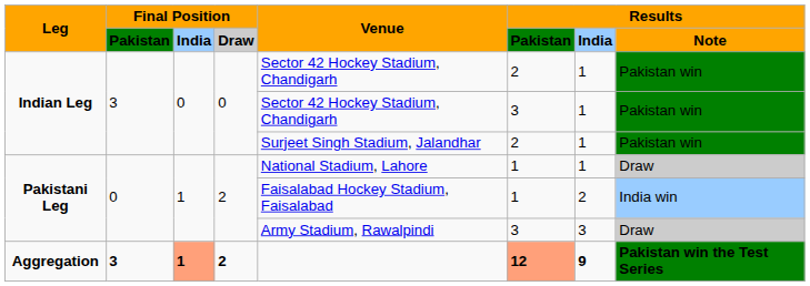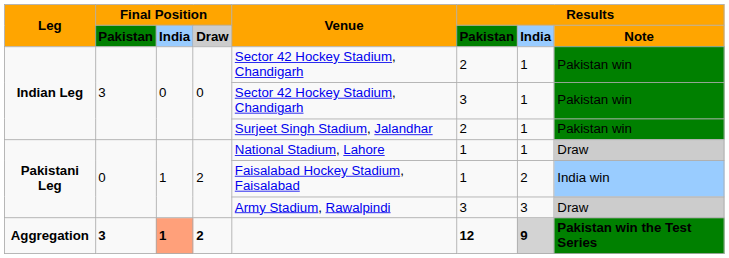 <table class="wikitable">
 <tr>
 <th style="background:orange;" rowspan=2>Leg</th>
 <th style="background:orange;" colspan=3>Final Position</th>
 <th style="background:orange;" rowspan=2>Venue</th>
 <th style="background:orange;" colspan=3>Results</th>
 </tr>
 <tr>
 <th style="background:green;"> Pakistan</th>
 <th style="background:#9cf;"> India</th>
 <th style="background:#ccc;">Draw</th>
 <th style="background:green;"> Pakistan</th>
 <th style="background:#9cf;"> India</th>
 <th style="background:orange;">Note</th>
 </tr>
 <tr>
 <td style=text-align:center; rowspan=3><strong>Indian Leg</strong></td>
 <td rowspan=3>3</td>
 <td rowspan=3>0</td>
 <td rowspan=3>0</td>
 <td> <a href='#'>Sector 42 Hockey Stadium</a>, <a href='#'>Chandigarh</a></td>
 <td>2</td>
 <td>1</td>
 <td style="background:green;"> Pakistan win</td>
 </tr>
 <tr>
 <td> <a href='#'>Sector 42 Hockey Stadium</a>, <a href='#'>Chandigarh</a></td>
 <td>3</td>
 <td>1</td>
 <td style="background:green;"> Pakistan win</td>
 </tr>
 <tr>
 <td> <a href='#'>Surjeet Singh Stadium</a>, <a href='#'>Jalandhar</a></td>
 <td>2</td>
 <td>1</td>
 <td style="background:green;"> Pakistan win</td>
 </tr>
 <tr>
 <td style=text-align:center; rowspan=3><strong>Pakistani Leg</strong></td>
 <td rowspan=3>0</td>
 <td rowspan=3>1</td>
 <td rowspan=3>2</td>
 <td> <a href='#'>National Stadium</a>, <a href='#'>Lahore</a></td>
 <td>1</td>
 <td>1</td>
 <td style="background:#ccc;">Draw</td>
 </tr>
 <tr>
 <td> <a href='#'>Faisalabad Hockey Stadium</a>, <a href='#'>Faisalabad</a></td>
 <td>1</td>
 <td>2</td>
 <td style="background:#9cf;"> India win</td>
 </tr>
 <tr>
 <td> <a href='#'>Army Stadium</a>, <a href='#'>Rawalpindi</a></td>
 <td>3</td>
 <td>3</td>
 <td style="background:#ccc;">Draw</td>
 </tr>
 <tr>
 <td style=text-align:center;><strong>Aggregation</strong></td>
 <td><strong>3</strong></td>
 <td style="background: lightsalmon;"><strong>1</strong></td>
 <td><strong>2</strong></td>
 <td></td>
-<td style="background: lightsalmon;"><strong>12</strong></td>
-<td><strong>9</strong></td>
+<td><strong>12</strong></td>
+<td style="background: lightgrey;"><strong>9</strong></td>
 <td style="background:green;"> <strong>Pakistan win the Test Series</strong></td>
 </tr>
 </table>
